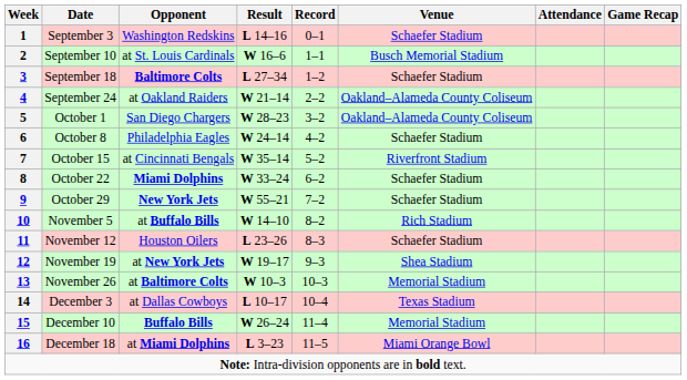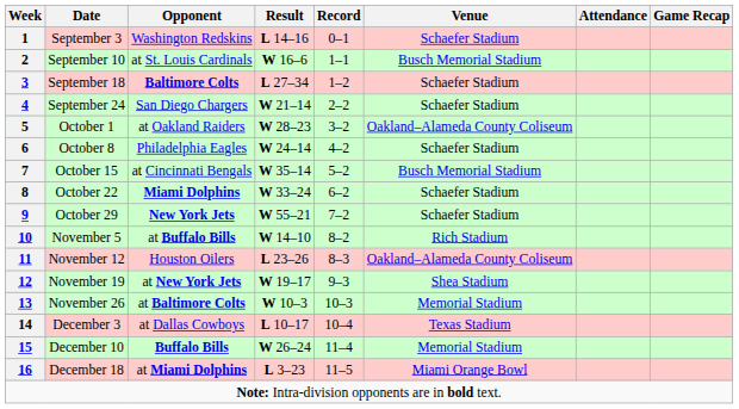 <table class="wikitable" style="text-align:center">
 <tr>
 <th>Week</th>
 <th>Date</th>
 <th>Opponent</th>
 <th>Result</th>
 <th>Record</th>
 <th>Venue</th>
 <th>Attendance</th>
 <th>Game Recap</th>
 </tr>
 <tr style="background:#fcc">
 <th>1</th>
 <td>September 3</td>
 <td><a href='#'>Washington Redskins</a></td>
 <td><strong>L</strong> 14–16</td>
 <td>0–1</td>
 <td><a href='#'>Schaefer Stadium</a></td>
 <td></td>
 <td></td>
 </tr>
 <tr style="background:#cfc">
 <th>2</th>
 <td>September 10</td>
 <td>at <a href='#'>St. Louis Cardinals</a></td>
 <td><strong>W</strong> 16–6</td>
 <td>1–1</td>
 <td><a href='#'>Busch Memorial Stadium</a></td>
 <td></td>
 <td></td>
 </tr>
 <tr style="background:#fcc">
 <th><a href='#'>3</a></th>
 <td>September 18</td>
 <td><strong><a href='#'>Baltimore Colts</a></strong></td>
 <td><strong>L</strong> 27–34</td>
 <td>1–2</td>
 <td>Schaefer Stadium</td>
 <td></td>
 <td></td>
 </tr>
 <tr style="background:#cfc">
 <th><a href='#'>4</a></th>
 <td>September 24</td>
-<td>at <a href='#'>Oakland Raiders</a></td>
+<td><a href='#'>San Diego Chargers</a></td>
 <td><strong>W</strong> 21–14</td>
 <td>2–2</td>
-<td><a href='#'>Oakland–Alameda County Coliseum</a></td>
+<td>Schaefer Stadium</td>
 <td></td>
 <td></td>
 </tr>
 <tr style="background:#cfc">
 <th>5</th>
 <td>October 1</td>
-<td><a href='#'>San Diego Chargers</a></td>
+<td>at <a href='#'>Oakland Raiders</a></td>
 <td><strong>W</strong> 28–23</td>
 <td>3–2</td>
 <td><a href='#'>Oakland–Alameda County Coliseum</a></td>
 <td></td>
 <td></td>
 </tr>
 <tr style="background:#cfc">
 <th>6</th>
 <td>October 8</td>
 <td><a href='#'>Philadelphia Eagles</a></td>
 <td><strong>W</strong> 24–14</td>
 <td>4–2</td>
 <td>Schaefer Stadium</td>
 <td></td>
 <td></td>
 </tr>
 <tr style="background:#cfc">
 <th>7</th>
 <td>October 15</td>
 <td>at <a href='#'>Cincinnati Bengals</a></td>
 <td><strong>W</strong> 35–14</td>
 <td>5–2</td>
-<td><a href='#'>Riverfront Stadium</a></td>
+<td><a href='#'>Busch Memorial Stadium</a></td>
 <td></td>
 <td></td>
 </tr>
 <tr style="background:#cfc">
 <th>8</th>
 <td>October 22</td>
 <td><strong><a href='#'>Miami Dolphins</a></strong></td>
 <td><strong>W</strong> 33–24</td>
 <td>6–2</td>
 <td>Schaefer Stadium</td>
 <td></td>
 <td></td>
 </tr>
 <tr style="background:#cfc">
 <th><a href='#'>9</a></th>
 <td>October 29</td>
 <td><strong><a href='#'>New York Jets</a></strong></td>
 <td><strong>W</strong> 55–21</td>
 <td>7–2</td>
 <td>Schaefer Stadium</td>
 <td></td>
 <td></td>
 </tr>
 <tr style="background:#cfc">
 <th><a href='#'>10</a></th>
 <td>November 5</td>
 <td>at <strong><a href='#'>Buffalo Bills</a></strong></td>
 <td><strong>W</strong> 14–10</td>
 <td>8–2</td>
 <td><a href='#'>Rich Stadium</a></td>
 <td></td>
 <td></td>
 </tr>
 <tr style="background:#fcc">
 <th><a href='#'>11</a></th>
 <td>November 12</td>
 <td><a href='#'>Houston Oilers</a></td>
 <td><strong>L</strong> 23–26</td>
 <td>8–3</td>
-<td>Schaefer Stadium</td>
+<td><a href='#'>Oakland–Alameda County Coliseum</a></td>
 <td></td>
 <td></td>
 </tr>
 <tr style="background:#cfc">
 <th><a href='#'>12</a></th>
 <td>November 19</td>
 <td>at <strong><a href='#'>New York Jets</a></strong></td>
 <td><strong>W</strong> 19–17</td>
 <td>9–3</td>
 <td><a href='#'>Shea Stadium</a></td>
 <td></td>
 <td></td>
 </tr>
 <tr style="background:#cfc">
 <th><a href='#'>13</a></th>
 <td>November 26</td>
 <td>at <strong><a href='#'>Baltimore Colts</a></strong></td>
 <td><strong>W</strong> 10–3</td>
 <td>10–3</td>
 <td><a href='#'>Memorial Stadium</a></td>
 <td></td>
 <td></td>
 </tr>
 <tr style="background:#fcc">
 <th>14</th>
 <td>December 3</td>
 <td>at <a href='#'>Dallas Cowboys</a></td>
 <td><strong>L</strong> 10–17</td>
 <td>10–4</td>
 <td><a href='#'>Texas Stadium</a></td>
 <td></td>
 <td></td>
 </tr>
 <tr style="background:#cfc">
 <th><a href='#'>15</a></th>
 <td>December 10</td>
 <td><strong><a href='#'>Buffalo Bills</a></strong></td>
 <td><strong>W</strong> 26–24</td>
 <td>11–4</td>
 <td><a href='#'>Memorial Stadium</a></td>
 <td></td>
 <td></td>
 </tr>
 <tr style="background:#fcc">
 <th><a href='#'>16</a></th>
 <td>December 18</td>
 <td>at <strong><a href='#'>Miami Dolphins</a></strong></td>
 <td><strong>L</strong> 3–23</td>
 <td>11–5</td>
 <td><a href='#'>Miami Orange Bowl</a></td>
 <td></td>
 <td></td>
 </tr>
 <tr>
 <td colspan="8"><strong>Note:</strong> Intra-division opponents are in <strong>bold</strong> text.</td>
 </tr>
 </table>
